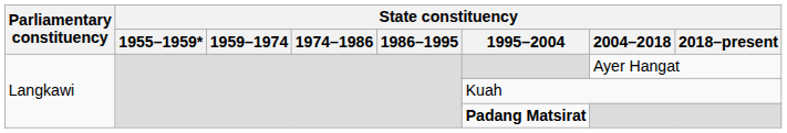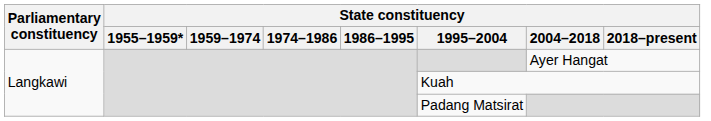 <table class="wikitable">
 <tr>
 <th rowspan="2">Parliamentary<br>constituency</th>
 <th colspan="7">State constituency</th>
 </tr>
 <tr>
 <th>1955–1959*</th>
 <th>1959–1974</th>
 <th>1974–1986</th>
 <th>1986–1995</th>
 <th>1995–2004</th>
 <th>2004–2018</th>
 <th>2018–present</th>
 </tr>
 <tr>
 <td rowspan="3">Langkawi</td>
 <td colspan="4" rowspan="3" bgcolor="dcdcdc"></td>
 <td bgcolor="dcdcdc"></td>
 <td colspan="2">Ayer Hangat</td>
 </tr>
 <tr>
 <td colspan="3">Kuah</td>
 </tr>
 <tr>
-<td><strong>Padang Matsirat</strong></td>
+<td>Padang Matsirat</td>
 <td colspan="2" bgcolor="dcdcdc"></td>
 </tr>
 </table>
